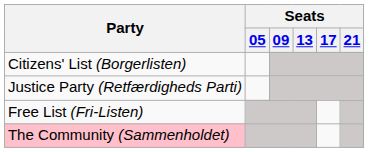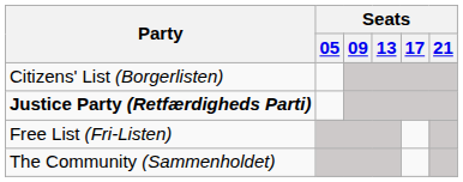 <table class="wikitable">
 <tr>
 <th rowspan=2>Party</th>
 <th colspan=11>Seats</th>
 </tr>
 <tr>
 <th><a href='#'>05</a></th>
 <th><a href='#'>09</a></th>
 <th><a href='#'>13</a></th>
 <th><a href='#'>17</a></th>
 <th><a href='#'>21</a></th>
 </tr>
 <tr>
 <td>Citizens' List <em>(Borgerlisten)</em></td>
 <td></td>
 <td style="background:#CDC9C9;" colspan=4></td>
 </tr>
 <tr>
-<td>Justice Party <em>(Retfærdigheds Parti)</em></td>
+<td><strong>Justice Party <em>(Retfærdigheds Parti)</em></strong></td>
 <td></td>
 <td style="background:#CDC9C9;" colspan=4></td>
 </tr>
 <tr>
 <td>Free List <em>(Fri-Listen)</em></td>
 <td style="background:#CDC9C9;" colspan=3></td>
 <td></td>
 <td style="background:#CDC9C9;" colspan=2></td>
 </tr>
 <tr>
-<td style="background: pink;">The Community <em>(Sammenholdet)</em></td>
+<td>The Community <em>(Sammenholdet)</em></td>
 <td style="background:#CDC9C9;" colspan=3></td>
 <td></td>
 <td style="background:#CDC9C9;"></td>
 </tr>
 </table>
